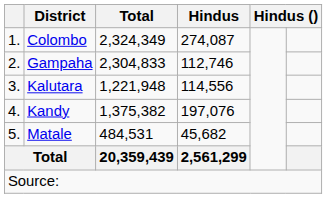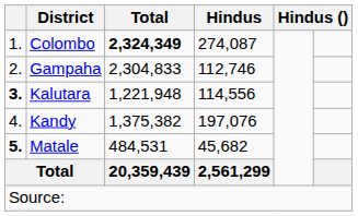 <table class="wikitable">
 <tr>
 <th></th>
 <th>District</th>
 <th>Total </th>
 <th>Hindus </th>
 <th colspan="2">Hindus ()</th>
 </tr>
 <tr>
 <td>1.</td>
 <td><a href='#'>Colombo</a></td>
-<td>2,324,349</td>
+<td><strong>2,324,349</strong></td>
 <td>274,087</td>
 <td rowspan="6"></td>
 <td></td>
 </tr>
 <tr>
 <td>2.</td>
 <td><a href='#'>Gampaha</a></td>
 <td>2,304,833</td>
 <td>112,746</td>
 <td></td>
 </tr>
 <tr>
-<td>3.</td>
+<td><strong>3.</strong></td>
 <td><a href='#'>Kalutara</a></td>
 <td>1,221,948</td>
 <td>114,556</td>
 <td></td>
 </tr>
 <tr>
 <td>4.</td>
 <td><a href='#'>Kandy</a></td>
 <td>1,375,382</td>
 <td>197,076</td>
 <td></td>
 </tr>
 <tr>
-<td>5.</td>
+<td><strong>5.</strong></td>
 <td><a href='#'>Matale</a></td>
 <td>484,531</td>
 <td>45,682</td>
 <td></td>
 </tr>
 <tr>
 <th colspan="2">Total</th>
 <th>20,359,439</th>
 <th>2,561,299</th>
 <th></th>
 </tr>
 <tr Sri Lanka>
 <td colspan="6">Source: </td>
 </tr>
 </table>
